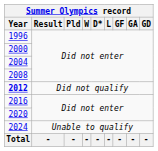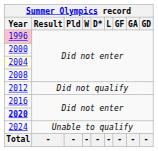 <table class="wikitable" style="text-align: center;">
 <tr>
 <th colspan="9"><a href='#'>Summer Olympics</a> record</th>
 </tr>
 <tr>
 <th>Year</th>
 <th>Result</th>
 <th>Pld</th>
 <th>W</th>
 <th>D*</th>
 <th>L</th>
 <th>GF</th>
 <th>GA</th>
 <th>GD</th>
 </tr>
 <tr>
-<td> <a href='#'>1996</a></td>
+<td style="background: pink;"> <a href='#'>1996</a></td>
 <td colspan=10 rowspan=4><em>Did not enter</em></td>
 </tr>
 <tr>
 <td> <a href='#'>2000</a></td>
 </tr>
 <tr>
-<td> <a href='#'>2004</a></td>
+<td style="background: lightyellow;"> <a href='#'>2004</a></td>
 </tr>
 <tr>
 <td> <a href='#'>2008</a></td>
 </tr>
 <tr>
-<td><strong> <a href='#'>2012</a></strong></td>
+<td> <a href='#'>2012</a></td>
 <td colspan=10><em>Did not qualify</em></td>
 </tr>
 <tr>
 <td> <a href='#'>2016</a></td>
 <td colspan=10 rowspan=2><em>Did not enter</em></td>
 </tr>
 <tr>
-<td> <a href='#'>2020</a></td>
+<td><strong> <a href='#'>2020</a></strong></td>
 </tr>
 <tr>
 <td> <a href='#'>2024</a></td>
 <td colspan=10><em>Unable to qualify</em></td>
 </tr>
 <tr>
 <th>Total</th>
 <th>-</th>
 <th>-</th>
 <th>-</th>
 <th>-</th>
 <th>-</th>
 <th>-</th>
 <th>-</th>
 <th>-</th>
 </tr>
 </table>
